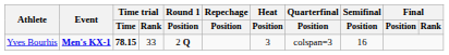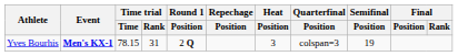 <table class=wikitable style=font-size:90%;text-align:center>
 <tr>
 <th rowspan=2>Athlete</th>
 <th rowspan=2>Event</th>
 <th colspan=2>Time trial</th>
 <th>Round 1</th>
 <th>Repechage</th>
 <th>Heat</th>
 <th>Quarterfinal</th>
 <th>Semifinal</th>
 <th colspan=2>Final</th>
 </tr>
 <tr style=font-size:95%>
 <th>Time</th>
 <th>Rank</th>
 <th>Position</th>
 <th>Position</th>
 <th>Position</th>
 <th>Position</th>
 <th>Position</th>
 <th>Position</th>
 <th>Rank</th>
 </tr>
 <tr>
 <td align=left><a href='#'>Yves Bourhis</a></td>
 <td align=left><strong><a href='#'>Men's KX-1</a></strong></td>
-<td><strong>78.15</strong></td>
-<td>33</td>
+<td>78.15</td>
+<td>31</td>
 <td>2 <strong>Q</strong></td>
 <td></td>
 <td>3</td>
 <td>colspan=3 </td>
-<td>16</td>
+<td>19</td>
 </tr>
 </table>
